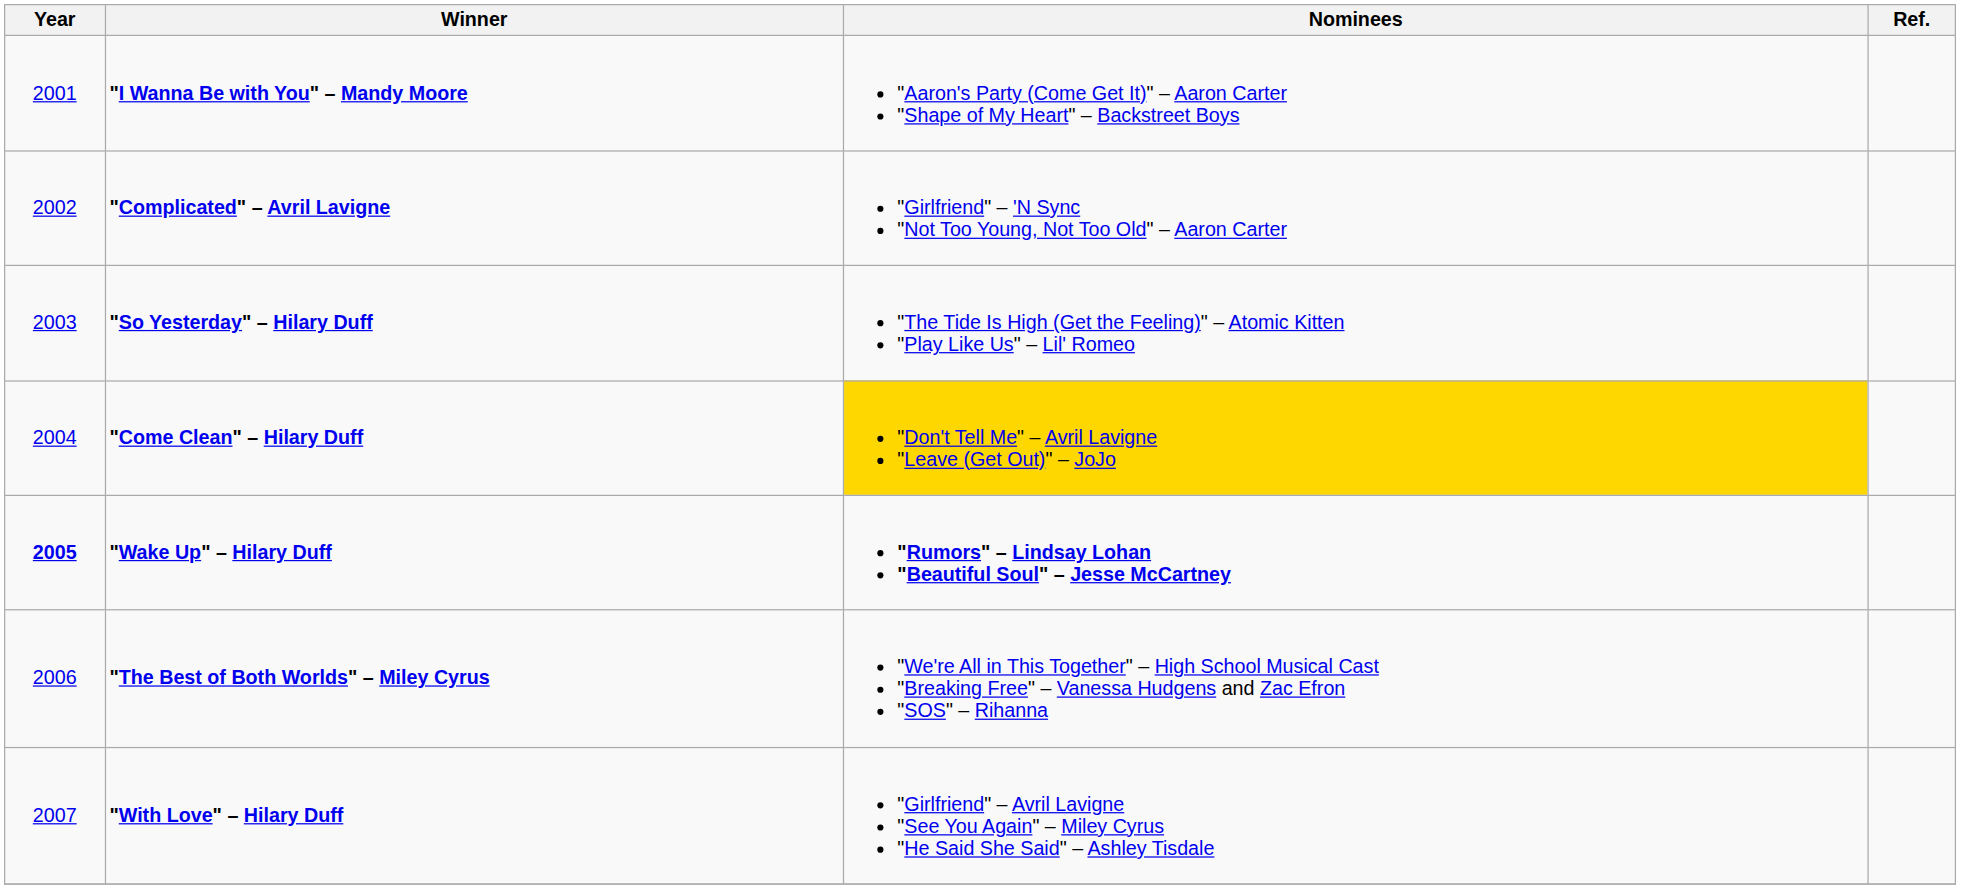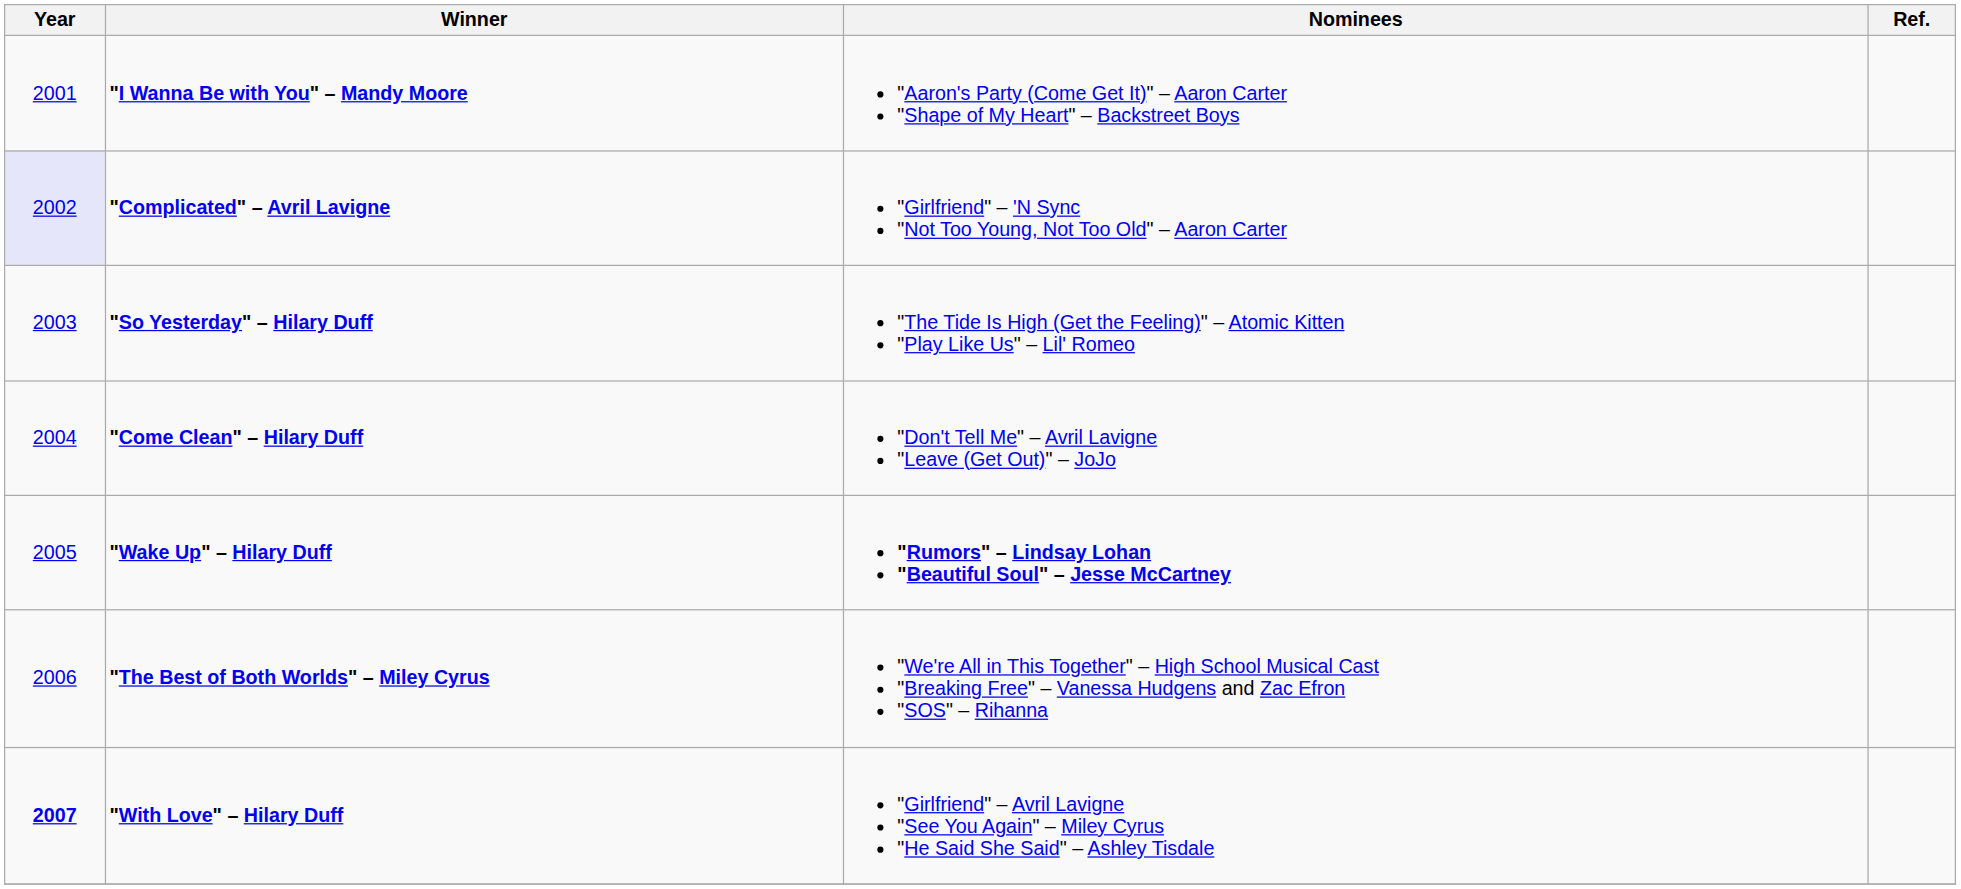 <table class="wikitable" width=80%>
 <tr>
 <th>Year</th>
 <th>Winner</th>
 <th>Nominees</th>
 <th>Ref.</th>
 </tr>
 <tr>
 <td align="center"><a href='#'>2001</a></td>
 <td><strong>"<a href='#'>I Wanna Be with You</a>" – <a href='#'>Mandy Moore</a></strong></td>
 <td><br><ul><li>"<a href='#'>Aaron's Party (Come Get It)</a>" – <a href='#'>Aaron Carter</a></li><li>"<a href='#'>Shape of My Heart</a>" – <a href='#'>Backstreet Boys</a></li></ul></td>
 <td align="center"></td>
 </tr>
 <tr>
-<td align="center"><a href='#'>2002</a></td>
+<td align="center" style="background: lavender;"><a href='#'>2002</a></td>
 <td><strong>"<a href='#'>Complicated</a>" – <a href='#'>Avril Lavigne</a></strong></td>
 <td><br><ul><li>"<a href='#'>Girlfriend</a>" – <a href='#'>'N Sync</a></li><li>"<a href='#'>Not Too Young, Not Too Old</a>" – <a href='#'>Aaron Carter</a></li></ul></td>
 <td align="center"></td>
 </tr>
 <tr>
 <td align="center"><a href='#'>2003</a></td>
 <td><strong>"<a href='#'>So Yesterday</a>" – <a href='#'>Hilary Duff</a></strong></td>
 <td><br><ul><li>"<a href='#'>The Tide Is High (Get the Feeling)</a>" – <a href='#'>Atomic Kitten</a></li><li>"<a href='#'>Play Like Us</a>" – <a href='#'>Lil' Romeo</a></li></ul></td>
 <td align="center"></td>
 </tr>
 <tr>
 <td align="center"><a href='#'>2004</a></td>
 <td><strong>"<a href='#'>Come Clean</a>" – <a href='#'>Hilary Duff</a></strong></td>
-<td style="background: gold;"><br><ul><li>"<a href='#'>Don't Tell Me</a>" – <a href='#'>Avril Lavigne</a></li><li>"<a href='#'>Leave (Get Out)</a>" – <a href='#'>JoJo</a></li></ul></td>
+<td><br><ul><li>"<a href='#'>Don't Tell Me</a>" – <a href='#'>Avril Lavigne</a></li><li>"<a href='#'>Leave (Get Out)</a>" – <a href='#'>JoJo</a></li></ul></td>
 <td align="center"></td>
 </tr>
 <tr>
-<td align="center"><strong><a href='#'>2005</a></strong></td>
+<td align="center"><a href='#'>2005</a></td>
 <td><strong>"<a href='#'>Wake Up</a>" – <a href='#'>Hilary Duff</a></strong></td>
 <td><strong><br><ul><li>"<a href='#'>Rumors</a>" – <a href='#'>Lindsay Lohan</a></li><li>"<a href='#'>Beautiful Soul</a>" – <a href='#'>Jesse McCartney</a></li></ul></strong></td>
 <td align="center"></td>
 </tr>
 <tr>
 <td align="center"><a href='#'>2006</a></td>
 <td><strong>"<a href='#'>The Best of Both Worlds</a>" – <a href='#'>Miley Cyrus</a></strong></td>
 <td><br><ul><li>"<a href='#'>We're All in This Together</a>" – <a href='#'>High School Musical Cast</a></li><li>"<a href='#'>Breaking Free</a>" – <a href='#'>Vanessa Hudgens</a> and <a href='#'>Zac Efron</a></li><li>"<a href='#'>SOS</a>" – <a href='#'>Rihanna</a></li></ul></td>
 <td align="center"></td>
 </tr>
 <tr>
-<td align="center"><a href='#'>2007</a></td>
+<td align="center"><strong><a href='#'>2007</a></strong></td>
 <td><strong>"<a href='#'>With Love</a>" – <a href='#'>Hilary Duff</a></strong></td>
 <td><br><ul><li>"<a href='#'>Girlfriend</a>" – <a href='#'>Avril Lavigne</a></li><li>"<a href='#'>See You Again</a>" – <a href='#'>Miley Cyrus</a></li><li>"<a href='#'>He Said She Said</a>" – <a href='#'>Ashley Tisdale</a></li></ul></td>
 <td align="center"></td>
 </tr>
 <tr>
 </tr>
 </table>
